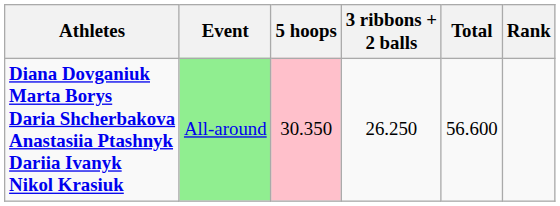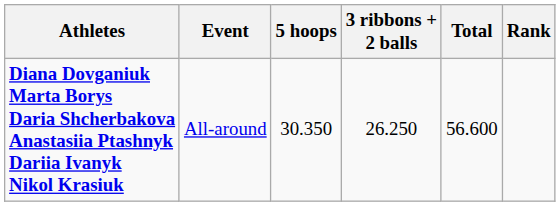 <table class="wikitable" style="font-size:90%">
 <tr>
 <th>Athletes</th>
 <th>Event</th>
 <th>5 hoops</th>
 <th>3 ribbons +<br>2 balls</th>
 <th>Total</th>
 <th>Rank</th>
 </tr>
 <tr align=center>
 <td align=left><strong><a href='#'>Diana Dovganiuk</a><br><a href='#'>Marta Borys</a><br><a href='#'>Daria Shcherbakova</a><br><a href='#'>Anastasiia Ptashnyk</a><br><a href='#'>Dariia Ivanyk</a><br><a href='#'>Nikol Krasiuk</a></strong></td>
-<td align=left style="background: lightgreen;"><a href='#'>All-around</a></td>
-<td style="background: pink;">30.350</td>
+<td align=left><a href='#'>All-around</a></td>
+<td>30.350</td>
 <td>26.250</td>
 <td>56.600</td>
 <td></td>
 </tr>
 </table>
